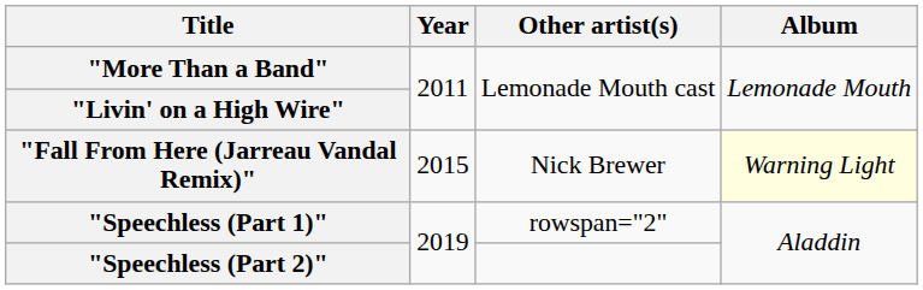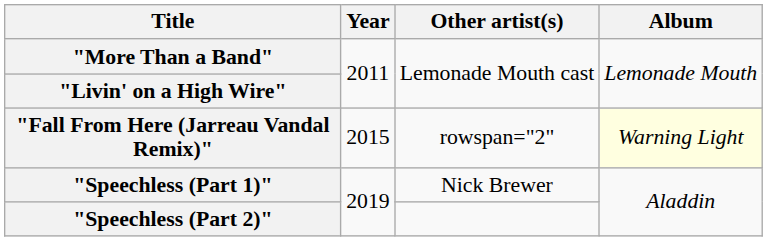 <table class="wikitable plainrowheaders" style="text-align:center;">
 <tr>
 <th scope="col" style="width:15em;">Title</th>
 <th>Year</th>
 <th>Other artist(s)</th>
 <th>Album</th>
 </tr>
 <tr>
 <th scope="row">"More Than a Band"</th>
 <td rowspan="2">2011</td>
 <td rowspan="2">Lemonade Mouth cast</td>
 <td rowspan="2"><em>Lemonade Mouth</em></td>
 </tr>
 <tr>
 <th scope="row">"Livin' on a High Wire"</th>
 </tr>
 <tr>
 <th scope="row">"Fall From Here (Jarreau Vandal Remix)"</th>
 <td>2015</td>
-<td>Nick Brewer</td>
+<td>rowspan="2" </td>
 <td style="background: lightyellow;"><em>Warning Light</em></td>
 </tr>
 <tr>
 <th scope="row">"Speechless (Part 1)"</th>
 <td rowspan="2">2019</td>
-<td>rowspan="2" </td>
+<td>Nick Brewer</td>
 <td rowspan="2"><em>Aladdin</em></td>
 </tr>
 <tr>
 <th scope="row">"Speechless (Part 2)"</th>
 </tr>
 </table>
